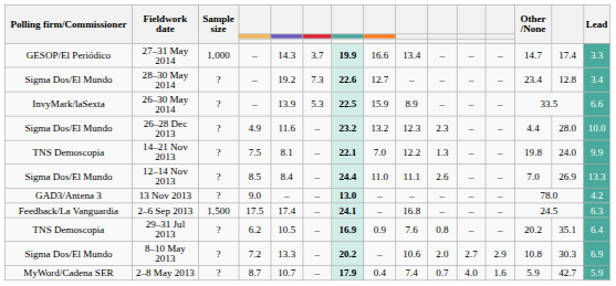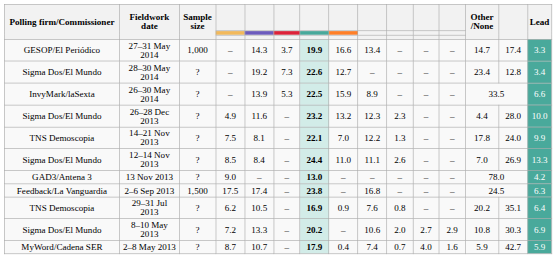 <table class="wikitable collapsible collapsed" style="text-align:center; font-size:90%; line-height:14px;">
 <tr style="height:42px;">
 <th style="width:260px;" rowspan="3">Polling firm/Commissioner</th>
 <th style="width:125px;" rowspan="3">Fieldwork date</th>
 <th style="width:60px;" rowspan="3">Sample size</th>
 <th style="width:60px;"></th>
 <th style="width:60px;"></th>
 <th style="width:60px;"></th>
 <th style="width:60px;"></th>
 <th style="width:60px;"></th>
 <th style="width:60px;"></th>
 <th style="width:60px;"></th>
 <th style="width:60px;"></th>
 <th style="width:60px;"></th>
 <th style="width:60px;" rowspan="3">Other<br>/None</th>
 <th style="width:60px;" rowspan="3"></th>
 <th style="width:30px;" rowspan="3">Lead</th>
 </tr>
 <tr>
 <th style="color:inherit;background:#F2B95B;"></th>
 <th style="color:inherit;background:#6C5BBD;"></th>
 <th style="color:inherit;background:#DD2239;"></th>
 <th style="color:inherit;background:#49A99B;"></th>
 <th style="color:inherit;background:#FF7F27;"></th>
 <th style="color:inherit;background:"></th>
 <th style="color:inherit;background:"></th>
 <th style="color:inherit;background:"></th>
 <th style="color:inherit;background:"></th>
 </tr>
 <tr>
 <th></th>
 <th></th>
 <th></th>
 <th></th>
 <th></th>
 <th></th>
 <th></th>
 <th></th>
 <th></th>
 </tr>
 <tr>
 <td>GESOP/El Periódico</td>
 <td>27–31 May 2014</td>
 <td>1,000</td>
 <td>–</td>
 <td>14.3</td>
 <td>3.7</td>
 <td style="color:inherit;background:#D2ECE8;"><strong>19.9</strong></td>
 <td>16.6</td>
 <td>13.4</td>
 <td>–</td>
 <td>–</td>
 <td>–</td>
 <td>14.7</td>
 <td>17.4</td>
 <td style="color:inherit;background:#49A99B; color:white;">3.3</td>
 </tr>
 <tr>
 <td>Sigma Dos/El Mundo</td>
 <td>28–30 May 2014</td>
 <td>?</td>
 <td>–</td>
 <td>19.2</td>
 <td>7.3</td>
 <td style="color:inherit;background:#D2ECE8;"><strong>22.6</strong></td>
 <td>12.7</td>
 <td>–</td>
 <td>–</td>
 <td>–</td>
 <td>–</td>
 <td>23.4</td>
 <td>12.8</td>
 <td style="color:inherit;background:#49A99B; color:white;">3.4</td>
 </tr>
 <tr>
 <td>InvyMark/laSexta</td>
 <td>26–30 May 2014</td>
 <td>?</td>
 <td>–</td>
 <td>13.9</td>
 <td>5.3</td>
 <td style="color:inherit;background:#D2ECE8;"><strong>22.5</strong></td>
 <td>15.9</td>
 <td>8.9</td>
 <td>–</td>
 <td>–</td>
 <td>–</td>
 <td colspan="2">33.5</td>
 <td style="color:inherit;background:#49A99B; color:white;">6.6</td>
 </tr>
 <tr>
 <td>Sigma Dos/El Mundo</td>
 <td>26–28 Dec 2013</td>
 <td>?</td>
 <td>4.9</td>
 <td>11.6</td>
 <td>–</td>
 <td style="color:inherit;background:#D2ECE8;"><strong>23.2</strong></td>
 <td>13.2</td>
 <td>12.3</td>
 <td>2.3</td>
 <td>–</td>
 <td>–</td>
 <td>4.4</td>
 <td>28.0</td>
 <td style="color:inherit;background:#49A99B; color:white;">10.0</td>
 </tr>
 <tr>
 <td>TNS Demoscopia</td>
 <td>14–21 Nov 2013</td>
 <td>?</td>
 <td>7.5</td>
 <td>8.1</td>
 <td>–</td>
 <td style="color:inherit;background:#D2ECE8;"><strong>22.1</strong></td>
 <td>7.0</td>
 <td>12.2</td>
 <td>1.3</td>
 <td>–</td>
 <td>–</td>
-<td>19.8</td>
+<td>17.8</td>
 <td>24.0</td>
 <td style="color:inherit;background:#49A99B; color:white;">9.9</td>
 </tr>
 <tr>
 <td>Sigma Dos/El Mundo</td>
 <td>12–14 Nov 2013</td>
 <td>?</td>
 <td>8.5</td>
 <td>8.4</td>
 <td>–</td>
 <td style="color:inherit;background:#D2ECE8;"><strong>24.4</strong></td>
 <td>11.0</td>
 <td>11.1</td>
 <td>2.6</td>
 <td>–</td>
 <td>–</td>
 <td>7.0</td>
 <td>26.9</td>
 <td style="color:inherit;background:#49A99B; color:white;">13.3</td>
 </tr>
 <tr>
 <td>GAD3/Antena 3</td>
 <td>13 Nov 2013</td>
 <td>?</td>
 <td>9.0</td>
 <td>–</td>
 <td>–</td>
 <td style="color:inherit;background:#D2ECE8;"><strong>13.0</strong></td>
 <td>–</td>
 <td>–</td>
 <td>–</td>
 <td>–</td>
 <td>–</td>
 <td colspan="2">78.0</td>
 <td style="color:inherit;background:#49A99B; color:white;">4.2</td>
 </tr>
 <tr>
 <td>Feedback/La Vanguardia</td>
 <td>2–6 Sep 2013</td>
 <td>1,500</td>
 <td>17.5</td>
 <td>17.4</td>
 <td>–</td>
-<td style="color:inherit;background:#D2ECE8;"><strong>24.1</strong></td>
+<td style="color:inherit;background:#D2ECE8;"><strong>23.8</strong></td>
 <td>–</td>
 <td>16.8</td>
 <td>–</td>
 <td>–</td>
 <td>–</td>
 <td colspan="2">24.5</td>
 <td style="color:inherit;background:#49A99B; color:white;">6.3</td>
 </tr>
 <tr>
 <td>TNS Demoscopia</td>
 <td>29–31 Jul 2013</td>
 <td>?</td>
 <td>6.2</td>
 <td>10.5</td>
 <td>–</td>
 <td style="color:inherit;background:#D2ECE8;"><strong>16.9</strong></td>
 <td>0.9</td>
 <td>7.6</td>
 <td>0.8</td>
 <td>–</td>
 <td>–</td>
 <td>20.2</td>
 <td>35.1</td>
 <td style="color:inherit;background:#49A99B; color:white;">6.4</td>
 </tr>
 <tr>
 <td>Sigma Dos/El Mundo</td>
 <td>8–10 May 2013</td>
 <td>?</td>
 <td>7.2</td>
 <td>13.3</td>
 <td>–</td>
 <td style="color:inherit;background:#D2ECE8;"><strong>20.2</strong></td>
 <td>–</td>
 <td>10.6</td>
 <td>2.0</td>
 <td>2.7</td>
 <td>2.9</td>
 <td>10.8</td>
 <td>30.3</td>
 <td style="color:inherit;background:#49A99B; color:white;">6.9</td>
 </tr>
 <tr>
 <td>MyWord/Cadena SER</td>
 <td>2–8 May 2013</td>
 <td>?</td>
 <td>8.7</td>
 <td>10.7</td>
 <td>–</td>
 <td style="color:inherit;background:#D2ECE8;"><strong>17.9</strong></td>
 <td>0.4</td>
 <td>7.4</td>
 <td>0.7</td>
 <td>4.0</td>
 <td>1.6</td>
 <td>5.9</td>
 <td>42.7</td>
 <td style="color:inherit;background:#49A99B; color:white;">5.9</td>
 </tr>
 </table>
